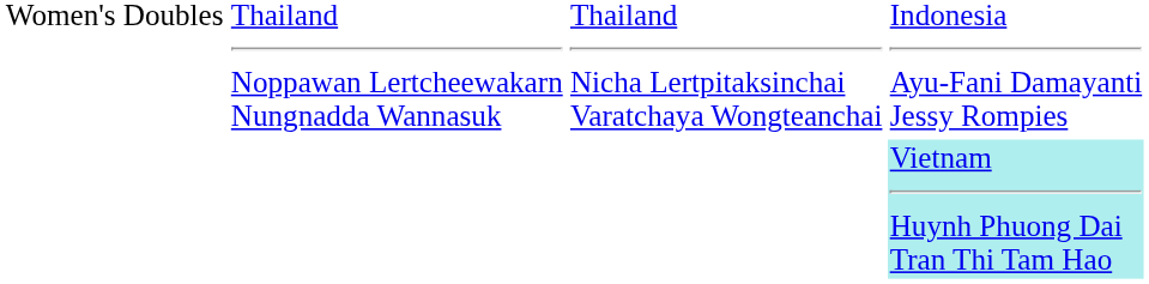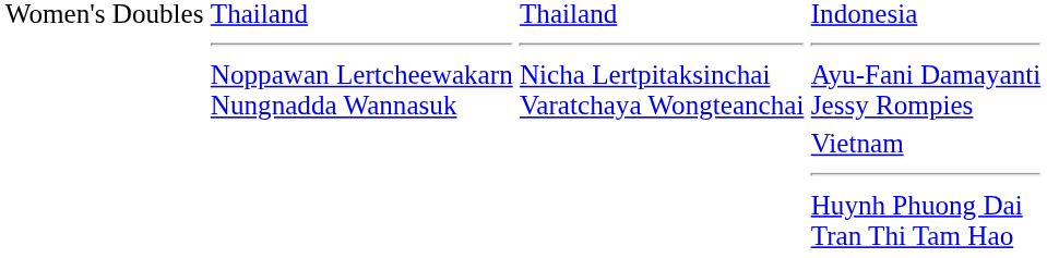 <table>
 <tr style="vertical-align:top">
 <td rowspan=2>Women's Doubles</td>
 <td rowspan=2> <a href='#'>Thailand</a> <hr> <a href='#'>Noppawan Lertcheewakarn</a><br><a href='#'>Nungnadda Wannasuk</a></td>
 <td rowspan=2> <a href='#'>Thailand</a> <hr> <a href='#'>Nicha Lertpitaksinchai</a><br><a href='#'>Varatchaya Wongteanchai</a></td>
 <td> <a href='#'>Indonesia</a> <hr> <a href='#'>Ayu-Fani Damayanti</a><br><a href='#'>Jessy Rompies</a></td>
 </tr>
 <tr>
-<td style="background: paleturquoise;"> <a href='#'>Vietnam</a> <hr> <a href='#'>Huynh Phuong Dai</a><br><a href='#'>Tran Thi Tam Hao</a></td>
+<td> <a href='#'>Vietnam</a> <hr> <a href='#'>Huynh Phuong Dai</a><br><a href='#'>Tran Thi Tam Hao</a></td>
 </tr>
 <tr>
 </tr>
 </table>
